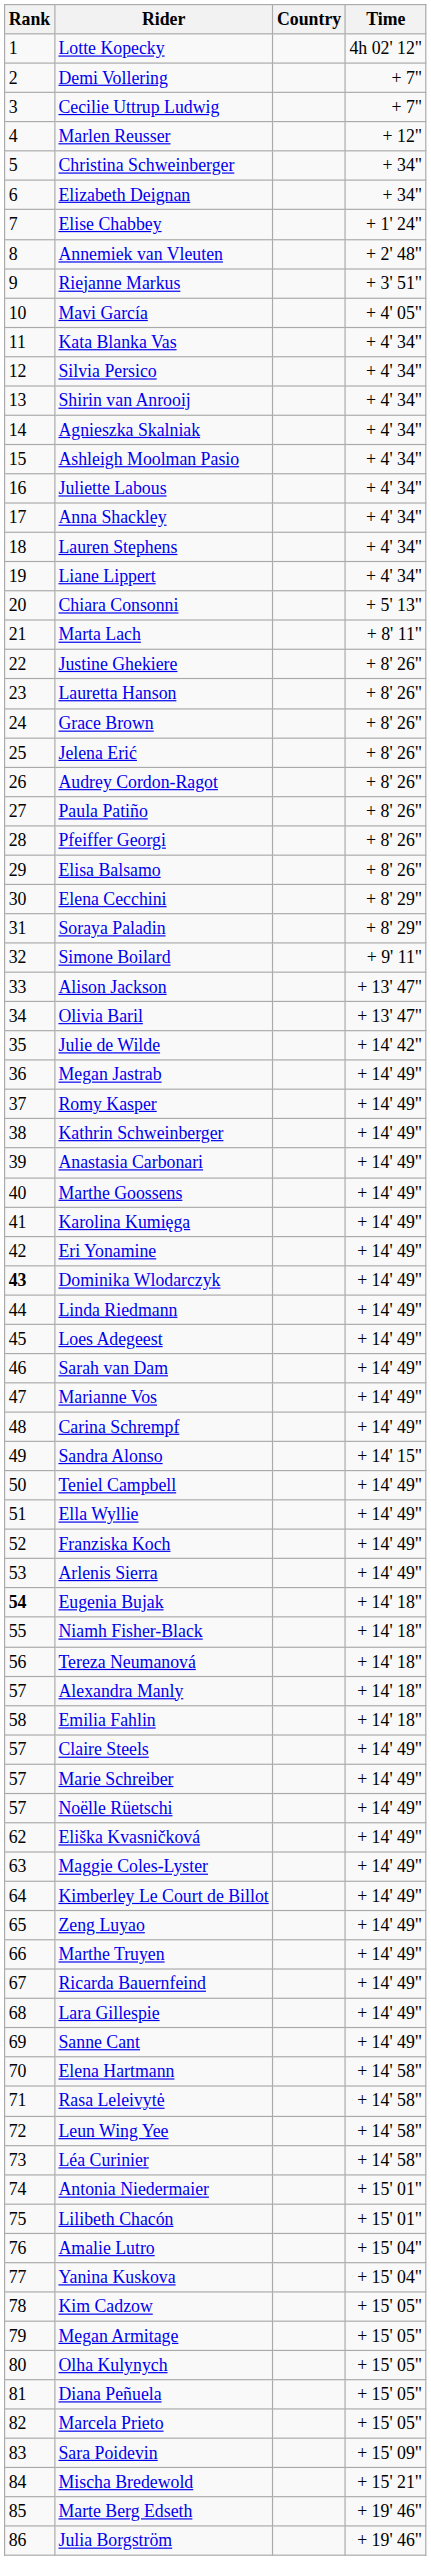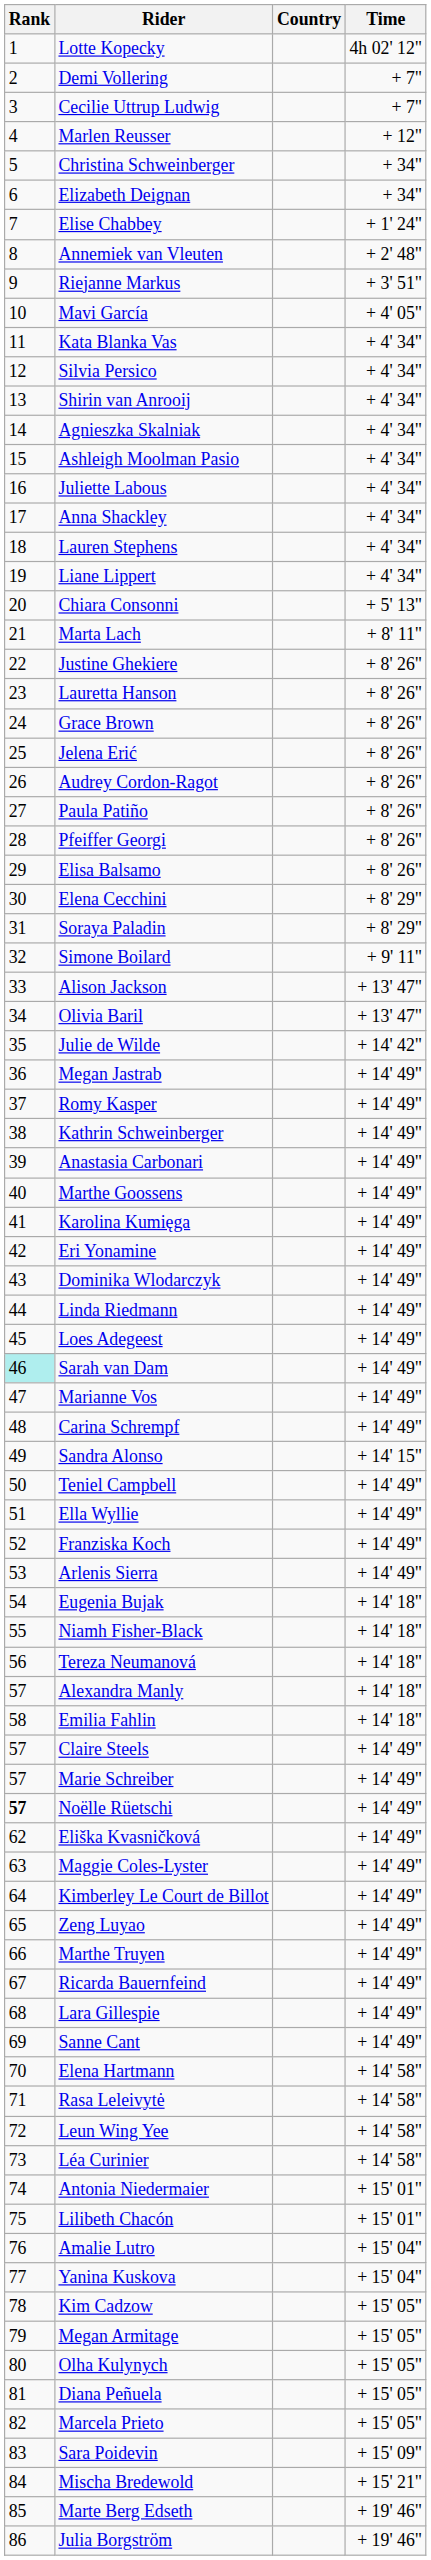 <table class="wikitable sortable" style="font-size:95%; text-align:left;">
 <tr>
 <th>Rank</th>
 <th>Rider</th>
 <th>Country</th>
 <th>Time</th>
 </tr>
 <tr>
 <td>1</td>
 <td><a href='#'>Lotte Kopecky</a></td>
 <td></td>
 <td align=right>4h 02' 12"</td>
 </tr>
 <tr>
 <td>2</td>
 <td><a href='#'>Demi Vollering</a></td>
 <td></td>
 <td align=right>+ 7"</td>
 </tr>
 <tr>
 <td>3</td>
 <td><a href='#'>Cecilie Uttrup Ludwig</a></td>
 <td></td>
 <td align=right>+ 7"</td>
 </tr>
 <tr>
 <td>4</td>
 <td><a href='#'>Marlen Reusser</a></td>
 <td></td>
 <td align=right>+ 12"</td>
 </tr>
 <tr>
 <td>5</td>
 <td><a href='#'>Christina Schweinberger</a></td>
 <td></td>
 <td align=right>+ 34"</td>
 </tr>
 <tr>
 <td>6</td>
 <td><a href='#'>Elizabeth Deignan</a></td>
 <td></td>
 <td align=right>+ 34"</td>
 </tr>
 <tr>
 <td>7</td>
 <td><a href='#'>Elise Chabbey</a></td>
 <td></td>
 <td align=right>+ 1' 24"</td>
 </tr>
 <tr>
 <td>8</td>
 <td><a href='#'>Annemiek van Vleuten</a></td>
 <td></td>
 <td align=right>+ 2' 48"</td>
 </tr>
 <tr>
 <td>9</td>
 <td><a href='#'>Riejanne Markus</a></td>
 <td></td>
 <td align=right>+ 3' 51"</td>
 </tr>
 <tr>
 <td>10</td>
 <td><a href='#'>Mavi García</a></td>
 <td></td>
 <td align=right>+ 4' 05"</td>
 </tr>
 <tr>
 <td>11</td>
 <td><a href='#'>Kata Blanka Vas</a></td>
 <td></td>
 <td align=right>+ 4' 34"</td>
 </tr>
 <tr>
 <td>12</td>
 <td><a href='#'>Silvia Persico</a></td>
 <td></td>
 <td align=right>+ 4' 34"</td>
 </tr>
 <tr>
 <td>13</td>
 <td><a href='#'>Shirin van Anrooij</a></td>
 <td></td>
 <td align=right>+ 4' 34"</td>
 </tr>
 <tr>
 <td>14</td>
 <td><a href='#'>Agnieszka Skalniak</a></td>
 <td></td>
 <td align=right>+ 4' 34"</td>
 </tr>
 <tr>
 <td>15</td>
 <td><a href='#'>Ashleigh Moolman Pasio</a></td>
 <td></td>
 <td align=right>+ 4' 34"</td>
 </tr>
 <tr>
 <td>16</td>
 <td><a href='#'>Juliette Labous</a></td>
 <td></td>
 <td align=right>+ 4' 34"</td>
 </tr>
 <tr>
 <td>17</td>
 <td><a href='#'>Anna Shackley</a></td>
 <td></td>
 <td align=right>+ 4' 34"</td>
 </tr>
 <tr>
 <td>18</td>
 <td><a href='#'>Lauren Stephens</a></td>
 <td></td>
 <td align=right>+ 4' 34"</td>
 </tr>
 <tr>
 <td>19</td>
 <td><a href='#'>Liane Lippert</a></td>
 <td></td>
 <td align=right>+ 4' 34"</td>
 </tr>
 <tr>
 <td>20</td>
 <td><a href='#'>Chiara Consonni</a></td>
 <td></td>
 <td align=right>+ 5' 13"</td>
 </tr>
 <tr>
 <td>21</td>
 <td><a href='#'>Marta Lach</a></td>
 <td></td>
 <td align=right>+ 8' 11"</td>
 </tr>
 <tr>
 <td>22</td>
 <td><a href='#'>Justine Ghekiere</a></td>
 <td></td>
 <td align=right>+ 8' 26"</td>
 </tr>
 <tr>
 <td>23</td>
 <td><a href='#'>Lauretta Hanson</a></td>
 <td></td>
 <td align=right>+ 8' 26"</td>
 </tr>
 <tr>
 <td>24</td>
 <td><a href='#'>Grace Brown</a></td>
 <td></td>
 <td align=right>+ 8' 26"</td>
 </tr>
 <tr>
 <td>25</td>
 <td><a href='#'>Jelena Erić</a></td>
 <td></td>
 <td align=right>+ 8' 26"</td>
 </tr>
 <tr>
 <td>26</td>
 <td><a href='#'>Audrey Cordon-Ragot</a></td>
 <td></td>
 <td align=right>+ 8' 26"</td>
 </tr>
 <tr>
 <td>27</td>
 <td><a href='#'>Paula Patiño</a></td>
 <td></td>
 <td align=right>+ 8' 26"</td>
 </tr>
 <tr>
 <td>28</td>
 <td><a href='#'>Pfeiffer Georgi</a></td>
 <td></td>
 <td align=right>+ 8' 26"</td>
 </tr>
 <tr>
 <td>29</td>
 <td><a href='#'>Elisa Balsamo</a></td>
 <td></td>
 <td align=right>+ 8' 26"</td>
 </tr>
 <tr>
 <td>30</td>
 <td><a href='#'>Elena Cecchini</a></td>
 <td></td>
 <td align=right>+ 8' 29"</td>
 </tr>
 <tr>
 <td>31</td>
 <td><a href='#'>Soraya Paladin</a></td>
 <td></td>
 <td align=right>+ 8' 29"</td>
 </tr>
 <tr>
 <td>32</td>
 <td><a href='#'>Simone Boilard</a></td>
 <td></td>
 <td align=right>+ 9' 11"</td>
 </tr>
 <tr>
 <td>33</td>
 <td><a href='#'>Alison Jackson</a></td>
 <td></td>
 <td align=right>+ 13' 47"</td>
 </tr>
 <tr>
 <td>34</td>
 <td><a href='#'>Olivia Baril</a></td>
 <td></td>
 <td align=right>+ 13' 47"</td>
 </tr>
 <tr>
 <td>35</td>
 <td><a href='#'>Julie de Wilde</a></td>
 <td></td>
 <td align=right>+ 14' 42"</td>
 </tr>
 <tr>
 <td>36</td>
 <td><a href='#'>Megan Jastrab</a></td>
 <td></td>
 <td align=right>+ 14' 49"</td>
 </tr>
 <tr>
 <td>37</td>
 <td><a href='#'>Romy Kasper</a></td>
 <td></td>
 <td align=right>+ 14' 49"</td>
 </tr>
 <tr>
 <td>38</td>
 <td><a href='#'>Kathrin Schweinberger</a></td>
 <td></td>
 <td align=right>+ 14' 49"</td>
 </tr>
 <tr>
 <td>39</td>
 <td><a href='#'>Anastasia Carbonari</a></td>
 <td></td>
 <td align=right>+ 14' 49"</td>
 </tr>
 <tr>
 <td>40</td>
 <td><a href='#'>Marthe Goossens</a></td>
 <td></td>
 <td align=right>+ 14' 49"</td>
 </tr>
 <tr>
 <td>41</td>
 <td><a href='#'>Karolina Kumięga</a></td>
 <td></td>
 <td align=right>+ 14' 49"</td>
 </tr>
 <tr>
 <td>42</td>
 <td><a href='#'>Eri Yonamine</a></td>
 <td></td>
 <td align=right>+ 14' 49"</td>
 </tr>
 <tr>
-<td><strong>43</strong></td>
+<td>43</td>
 <td><a href='#'>Dominika Wlodarczyk</a></td>
 <td></td>
 <td align=right>+ 14' 49"</td>
 </tr>
 <tr>
 <td>44</td>
 <td><a href='#'>Linda Riedmann</a></td>
 <td></td>
 <td align=right>+ 14' 49"</td>
 </tr>
 <tr>
 <td>45</td>
 <td><a href='#'>Loes Adegeest</a></td>
 <td></td>
 <td align=right>+ 14' 49"</td>
 </tr>
 <tr>
-<td>46</td>
+<td style="background: paleturquoise;">46</td>
 <td><a href='#'>Sarah van Dam</a></td>
 <td></td>
 <td align=right>+ 14' 49"</td>
 </tr>
 <tr>
 <td>47</td>
 <td><a href='#'>Marianne Vos</a></td>
 <td></td>
 <td align=right>+ 14' 49"</td>
 </tr>
 <tr>
 <td>48</td>
 <td><a href='#'>Carina Schrempf</a></td>
 <td></td>
 <td align=right>+ 14' 49"</td>
 </tr>
 <tr>
 <td>49</td>
 <td><a href='#'>Sandra Alonso</a></td>
 <td></td>
 <td align=right>+ 14' 15"</td>
 </tr>
 <tr>
 <td>50</td>
 <td><a href='#'>Teniel Campbell</a></td>
 <td></td>
 <td align=right>+ 14' 49"</td>
 </tr>
 <tr>
 <td>51</td>
 <td><a href='#'>Ella Wyllie</a></td>
 <td></td>
 <td align=right>+ 14' 49"</td>
 </tr>
 <tr>
 <td>52</td>
 <td><a href='#'>Franziska Koch</a></td>
 <td></td>
 <td align=right>+ 14' 49"</td>
 </tr>
 <tr>
 <td>53</td>
 <td><a href='#'>Arlenis Sierra</a></td>
 <td></td>
 <td align=right>+ 14' 49"</td>
 </tr>
 <tr>
-<td><strong>54</strong></td>
+<td>54</td>
 <td><a href='#'>Eugenia Bujak</a></td>
 <td></td>
 <td align=right>+ 14' 18"</td>
 </tr>
 <tr>
 <td>55</td>
 <td><a href='#'>Niamh Fisher-Black</a></td>
 <td></td>
 <td align=right>+ 14' 18"</td>
 </tr>
 <tr>
 <td>56</td>
 <td><a href='#'>Tereza Neumanová</a></td>
 <td></td>
 <td align=right>+ 14' 18"</td>
 </tr>
 <tr>
 <td>57</td>
 <td><a href='#'>Alexandra Manly</a></td>
 <td></td>
 <td align=right>+ 14' 18"</td>
 </tr>
 <tr>
 <td>58</td>
 <td><a href='#'>Emilia Fahlin</a></td>
 <td></td>
 <td align=right>+ 14' 18"</td>
 </tr>
 <tr>
 <td>57</td>
 <td><a href='#'>Claire Steels</a></td>
 <td></td>
 <td align=right>+ 14' 49"</td>
 </tr>
 <tr>
 <td>57</td>
 <td><a href='#'>Marie Schreiber</a></td>
 <td></td>
 <td align=right>+ 14' 49"</td>
 </tr>
 <tr>
-<td>57</td>
+<td><strong>57</strong></td>
 <td><a href='#'>Noëlle Rüetschi</a></td>
 <td></td>
 <td align=right>+ 14' 49"</td>
 </tr>
 <tr>
 <td>62</td>
 <td><a href='#'>Eliška Kvasničková</a></td>
 <td></td>
 <td align=right>+ 14' 49"</td>
 </tr>
 <tr>
 <td>63</td>
 <td><a href='#'>Maggie Coles-Lyster</a></td>
 <td></td>
 <td align=right>+ 14' 49"</td>
 </tr>
 <tr>
 <td>64</td>
 <td><a href='#'>Kimberley Le Court de Billot</a></td>
 <td></td>
 <td align=right>+ 14' 49"</td>
 </tr>
 <tr>
 <td>65</td>
 <td><a href='#'>Zeng Luyao</a></td>
 <td></td>
 <td align=right>+ 14' 49"</td>
 </tr>
 <tr>
 <td>66</td>
 <td><a href='#'>Marthe Truyen</a></td>
 <td></td>
 <td align=right>+ 14' 49"</td>
 </tr>
 <tr>
 <td>67</td>
 <td><a href='#'>Ricarda Bauernfeind</a></td>
 <td></td>
 <td align=right>+ 14' 49"</td>
 </tr>
 <tr>
 <td>68</td>
 <td><a href='#'>Lara Gillespie</a></td>
 <td></td>
 <td align=right>+ 14' 49"</td>
 </tr>
 <tr>
 <td>69</td>
 <td><a href='#'>Sanne Cant</a></td>
 <td></td>
 <td align=right>+ 14' 49"</td>
 </tr>
 <tr>
 <td>70</td>
 <td><a href='#'>Elena Hartmann</a></td>
 <td></td>
 <td align=right>+ 14' 58"</td>
 </tr>
 <tr>
 <td>71</td>
 <td><a href='#'>Rasa Leleivytė</a></td>
 <td></td>
 <td align=right>+ 14' 58"</td>
 </tr>
 <tr>
 <td>72</td>
 <td><a href='#'>Leun Wing Yee</a></td>
 <td></td>
 <td align=right>+ 14' 58"</td>
 </tr>
 <tr>
 <td>73</td>
 <td><a href='#'>Léa Curinier</a></td>
 <td></td>
 <td align=right>+ 14' 58"</td>
 </tr>
 <tr>
 <td>74</td>
 <td><a href='#'>Antonia Niedermaier</a></td>
 <td></td>
 <td align=right>+ 15' 01"</td>
 </tr>
 <tr>
 <td>75</td>
 <td><a href='#'>Lilibeth Chacón</a></td>
 <td></td>
 <td align=right>+ 15' 01"</td>
 </tr>
 <tr>
 <td>76</td>
 <td><a href='#'>Amalie Lutro</a></td>
 <td></td>
 <td align=right>+ 15' 04"</td>
 </tr>
 <tr>
 <td>77</td>
 <td><a href='#'>Yanina Kuskova</a></td>
 <td></td>
 <td align=right>+ 15' 04"</td>
 </tr>
 <tr>
 <td>78</td>
 <td><a href='#'>Kim Cadzow</a></td>
 <td></td>
 <td align=right>+ 15' 05"</td>
 </tr>
 <tr>
 <td>79</td>
 <td><a href='#'>Megan Armitage</a></td>
 <td></td>
 <td align=right>+ 15' 05"</td>
 </tr>
 <tr>
 <td>80</td>
 <td><a href='#'>Olha Kulynych</a></td>
 <td></td>
 <td align=right>+ 15' 05"</td>
 </tr>
 <tr>
 <td>81</td>
 <td><a href='#'>Diana Peñuela</a></td>
 <td></td>
 <td align=right>+ 15' 05"</td>
 </tr>
 <tr>
 <td>82</td>
 <td><a href='#'>Marcela Prieto</a></td>
 <td></td>
 <td align=right>+ 15' 05"</td>
 </tr>
 <tr>
 <td>83</td>
 <td><a href='#'>Sara Poidevin</a></td>
 <td></td>
 <td align=right>+ 15' 09"</td>
 </tr>
 <tr>
 <td>84</td>
 <td><a href='#'>Mischa Bredewold</a></td>
 <td></td>
 <td align=right>+ 15' 21"</td>
 </tr>
 <tr>
 <td>85</td>
 <td><a href='#'>Marte Berg Edseth</a></td>
 <td></td>
 <td align=right>+ 19' 46"</td>
 </tr>
 <tr>
 <td>86</td>
 <td><a href='#'>Julia Borgström</a></td>
 <td></td>
 <td align=right>+ 19' 46"</td>
 </tr>
 </table>
